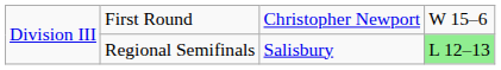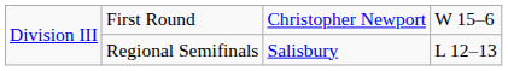 <table class="wikitable">
 <tr>
 <td rowspan="5"><a href='#'>Division III</a></td>
 <td>First Round</td>
 <td><a href='#'>Christopher Newport</a></td>
 <td>W 15–6</td>
 </tr>
 <tr>
 <td>Regional Semifinals</td>
 <td><a href='#'>Salisbury</a></td>
-<td style="background: lightgreen;">L 12–13</td>
+<td>L 12–13</td>
 </tr>
 </table>
